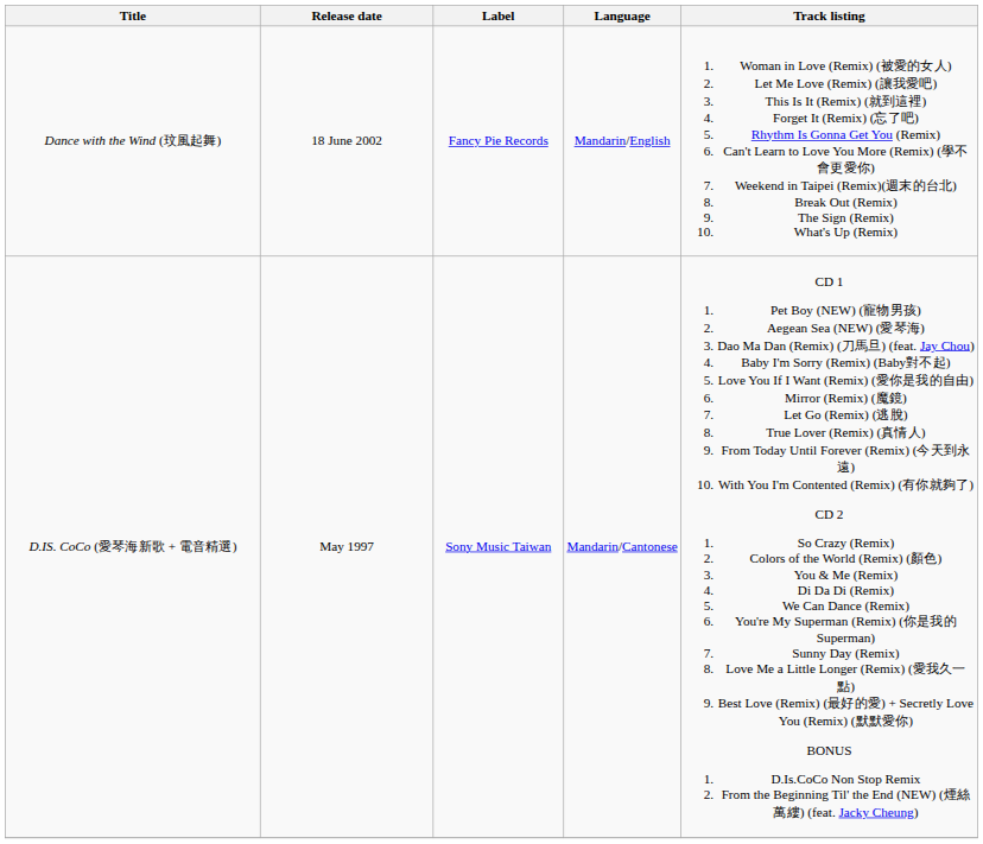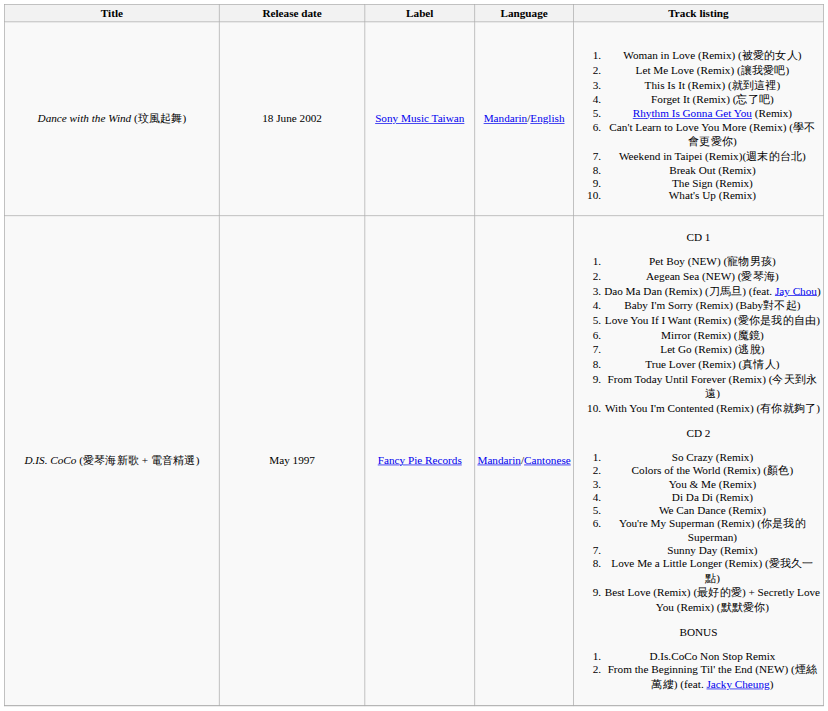 <table class="wikitable" style="text-align:center;">
 <tr>
 <th align="left" width="300px">Title</th>
 <th align="left" width="200px">Release date</th>
 <th align="left" width="150px">Label</th>
 <th align="left" width="100px">Language</th>
 <th align="left" width="350px">Track listing</th>
 </tr>
 <tr>
 <td><em>Dance with the Wind</em> (玟風起舞)</td>
 <td>18 June 2002</td>
-<td><a href='#'>Fancy Pie Records</a></td>
+<td><a href='#'>Sony Music Taiwan</a></td>
 <td><a href='#'>Mandarin</a>/<a href='#'>English</a></td>
 <td><br><ol><li>Woman in Love (Remix) (被愛的女人)</li><li>Let Me Love (Remix) (讓我愛吧)</li><li>This Is It (Remix) (就到這裡)</li><li>Forget It (Remix) (忘了吧)</li><li><a href='#'>Rhythm Is Gonna Get You</a> (Remix)</li><li>Can't Learn to Love You More (Remix) (學不會更愛你)</li><li>Weekend in Taipei (Remix)(週末的台北)</li><li>Break Out (Remix)</li><li>The Sign (Remix)</li><li>What's Up (Remix)</li></ol></td>
 </tr>
 <tr>
 <td><em>D.IS. CoCo</em> (愛琴海新歌 + 電音精選)</td>
 <td>May 1997</td>
-<td><a href='#'>Sony Music Taiwan</a></td>
+<td><a href='#'>Fancy Pie Records</a></td>
 <td><a href='#'>Mandarin</a>/<a href='#'>Cantonese</a></td>
 <td><br>CD 1<ol><li>Pet Boy (NEW) (寵物男孩)</li><li>Aegean Sea (NEW) (愛琴海)</li><li>Dao Ma Dan (Remix) (刀馬旦) (feat. <a href='#'>Jay Chou</a>)</li><li>Baby I'm Sorry (Remix) (Baby對不起)</li><li>Love You If I Want (Remix) (愛你是我的自由)</li><li>Mirror (Remix) (魔鏡)</li><li>Let Go (Remix) (逃脫)</li><li>True Lover (Remix) (真情人)</li><li>From Today Until Forever (Remix) (今天到永遠)</li><li>With You I'm Contented (Remix) (有你就夠了)</li></ol>CD 2<ol><li>So Crazy (Remix)</li><li>Colors of the World (Remix) (顏色)</li><li>You & Me (Remix)</li><li>Di Da Di (Remix)</li><li>We Can Dance (Remix)</li><li>You're My Superman (Remix) (你是我的Superman)</li><li>Sunny Day (Remix)</li><li>Love Me a Little Longer (Remix) (愛我久一點)</li><li>Best Love (Remix) (最好的愛) + Secretly Love You (Remix) (默默愛你)</li></ol>BONUS<ol><li>D.Is.CoCo Non Stop Remix</li><li>From the Beginning Til' the End (NEW) (煙絲萬縷) (feat. <a href='#'>Jacky Cheung</a>)</li></ol></td>
 </tr>
 <tr>
 </tr>
 </table>
